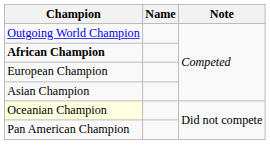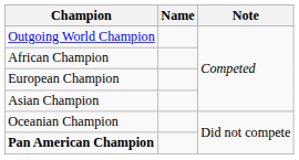 <table class="wikitable">
 <tr>
 <th>Champion</th>
 <th>Name</th>
 <th>Note</th>
 </tr>
 <tr>
 <td><a href='#'>Outgoing World Champion</a></td>
 <td></td>
 <td rowspan=4><em>Competed</em></td>
 </tr>
 <tr>
-<td><strong>African Champion</strong></td>
+<td>African Champion</td>
 <td></td>
 </tr>
 <tr>
 <td>European Champion</td>
 <td></td>
 </tr>
 <tr>
 <td>Asian Champion</td>
 <td></td>
 </tr>
 <tr>
-<td style="background: lightyellow;">Oceanian Champion</td>
+<td>Oceanian Champion</td>
 <td></td>
 <td rowspan=2>Did not compete</td>
 </tr>
 <tr>
-<td>Pan American Champion</td>
+<td><strong>Pan American Champion</strong></td>
 <td></td>
 </tr>
 </table>
